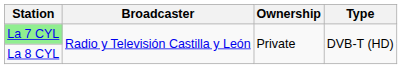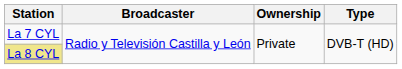 <table class="wikitable">
 <tr>
 <th>Station</th>
 <th>Broadcaster</th>
 <th>Ownership</th>
 <th>Type</th>
 </tr>
 <tr>
-<td style="background: lightgreen;"><a href='#'>La 7 CYL</a></td>
+<td><a href='#'>La 7 CYL</a></td>
 <td rowspan="2"><a href='#'>Radio y Televisión Castilla y León</a></td>
 <td rowspan="2">Private</td>
 <td rowspan="2">DVB-T (HD)</td>
 </tr>
 <tr>
-<td><a href='#'>La 8 CYL</a></td>
+<td style="background: khaki;"><a href='#'>La 8 CYL</a></td>
 </tr>
 </table>
